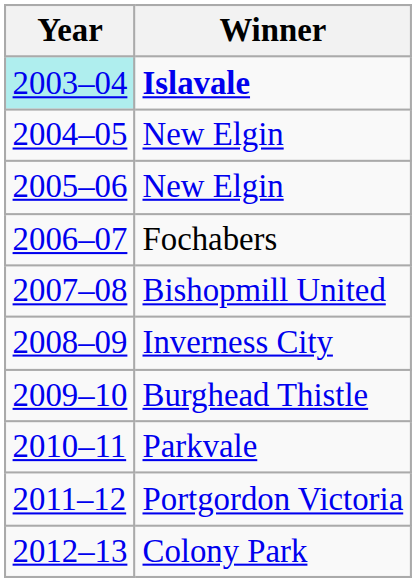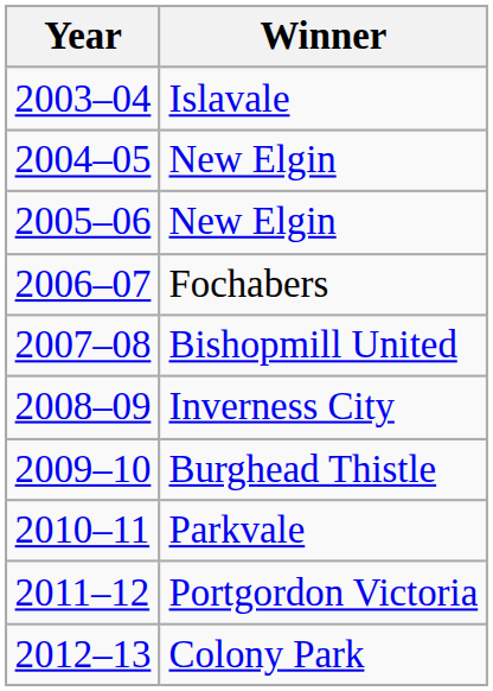 <table class="wikitable">
 <tr>
 <th>Year</th>
 <th>Winner</th>
 </tr>
 <tr>
-<td style="background: paleturquoise; text-align:left;"><a href='#'>2003–04</a></td>
-<td><strong><a href='#'>Islavale</a></strong></td>
+<td style="text-align:left;"><a href='#'>2003–04</a></td>
+<td><a href='#'>Islavale</a></td>
 </tr>
 <tr>
 <td style="text-align:left;"><a href='#'>2004–05</a></td>
 <td><a href='#'>New Elgin</a></td>
 </tr>
 <tr>
 <td style="text-align:left;"><a href='#'>2005–06</a></td>
 <td><a href='#'>New Elgin</a></td>
 </tr>
 <tr>
 <td style="text-align:left;"><a href='#'>2006–07</a></td>
 <td>Fochabers</td>
 </tr>
 <tr>
 <td style="text-align:left;"><a href='#'>2007–08</a></td>
 <td><a href='#'>Bishopmill United</a></td>
 </tr>
 <tr>
 <td style="text-align:left;"><a href='#'>2008–09</a></td>
 <td><a href='#'>Inverness City</a></td>
 </tr>
 <tr>
 <td style="text-align:left;"><a href='#'>2009–10</a></td>
 <td><a href='#'>Burghead Thistle</a></td>
 </tr>
 <tr>
 <td style="text-align:left;"><a href='#'>2010–11</a></td>
 <td><a href='#'>Parkvale</a></td>
 </tr>
 <tr>
 <td style="text-align:left;"><a href='#'>2011–12</a></td>
 <td><a href='#'>Portgordon Victoria</a></td>
 </tr>
 <tr>
 <td style="text-align:left;"><a href='#'>2012–13</a></td>
 <td><a href='#'>Colony Park</a></td>
 </tr>
 </table>
